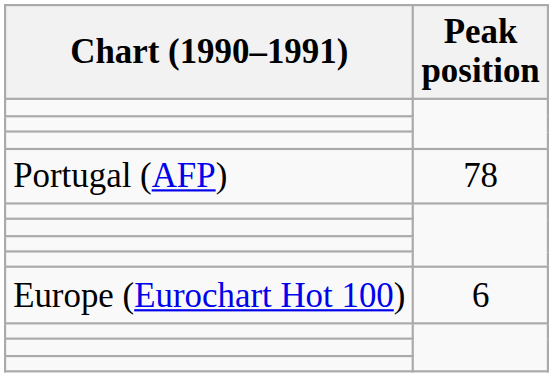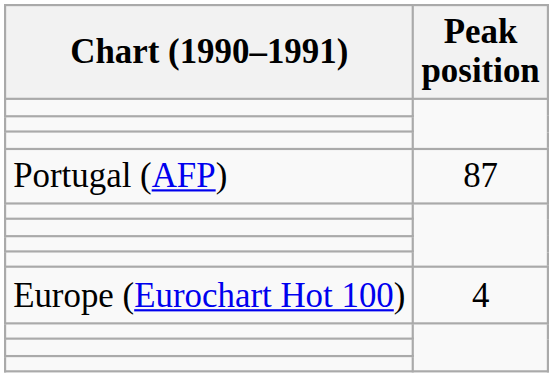 <table class="wikitable sortable plainrowheaders">
 <tr>
 <th>Chart (1990–1991)</th>
 <th>Peak<br>position</th>
 </tr>
 <tr>
 <td></td>
 </tr>
 <tr>
 <td></td>
 </tr>
 <tr>
 <td></td>
 </tr>
 <tr>
 <td>Portugal (<a href='#'>AFP</a>)</td>
-<td align="center">78</td>
+<td align="center">87</td>
 </tr>
 <tr>
 <td></td>
 </tr>
 <tr>
 <td></td>
 </tr>
 <tr>
 <td></td>
 </tr>
 <tr>
 <td></td>
 </tr>
 <tr>
 <td>Europe (<a href='#'>Eurochart Hot 100</a>)</td>
-<td align="center">6</td>
+<td align="center">4</td>
 </tr>
 <tr>
 <td></td>
 </tr>
 <tr>
 <td></td>
 </tr>
 <tr>
 <td></td>
 </tr>
 </table>
